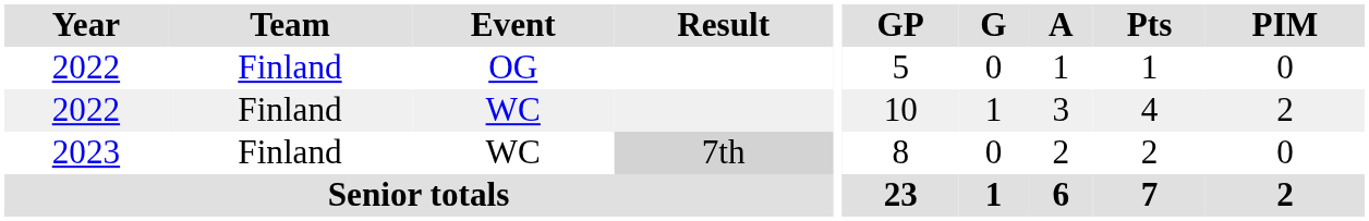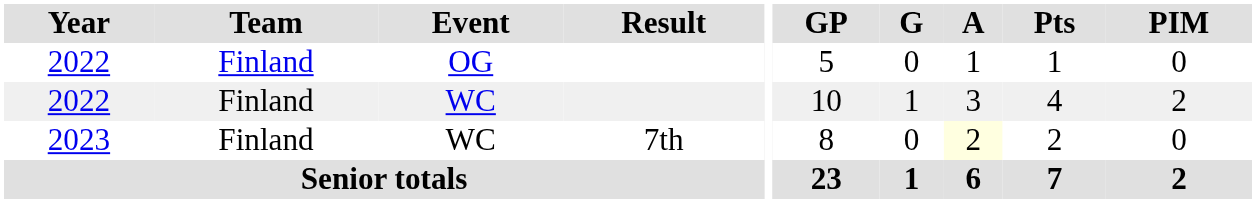 <table border="0" cellpadding="1" cellspacing="0" ID="Table3" style="text-align:center; width:40em">
 <tr ALIGN="center" bgcolor="#e0e0e0">
 <th>Year</th>
 <th>Team</th>
 <th>Event</th>
 <th>Result</th>
 <th rowspan="99" bgcolor="#ffffff"></th>
 <th>GP</th>
 <th>G</th>
 <th>A</th>
 <th>Pts</th>
 <th>PIM</th>
 </tr>
 <tr>
 <td><a href='#'>2022</a></td>
 <td><a href='#'>Finland</a></td>
 <td><a href='#'>OG</a></td>
 <td></td>
 <td>5</td>
 <td>0</td>
 <td>1</td>
 <td>1</td>
 <td>0</td>
 </tr>
 <tr bgcolor="#f0f0f0">
 <td><a href='#'>2022</a></td>
 <td>Finland</td>
 <td><a href='#'>WC</a></td>
 <td></td>
 <td>10</td>
 <td>1</td>
 <td>3</td>
 <td>4</td>
 <td>2</td>
 </tr>
 <tr>
 <td><a href='#'>2023</a></td>
 <td>Finland</td>
 <td>WC</td>
-<td style="background: lightgrey;">7th</td>
+<td>7th</td>
 <td>8</td>
 <td>0</td>
-<td>2</td>
+<td style="background: lightyellow;">2</td>
 <td>2</td>
 <td>0</td>
 </tr>
 <tr bgcolor="#e0e0e0">
 <th colspan="4">Senior totals</th>
 <th>23</th>
 <th>1</th>
 <th>6</th>
 <th>7</th>
 <th>2</th>
 </tr>
 </table>
